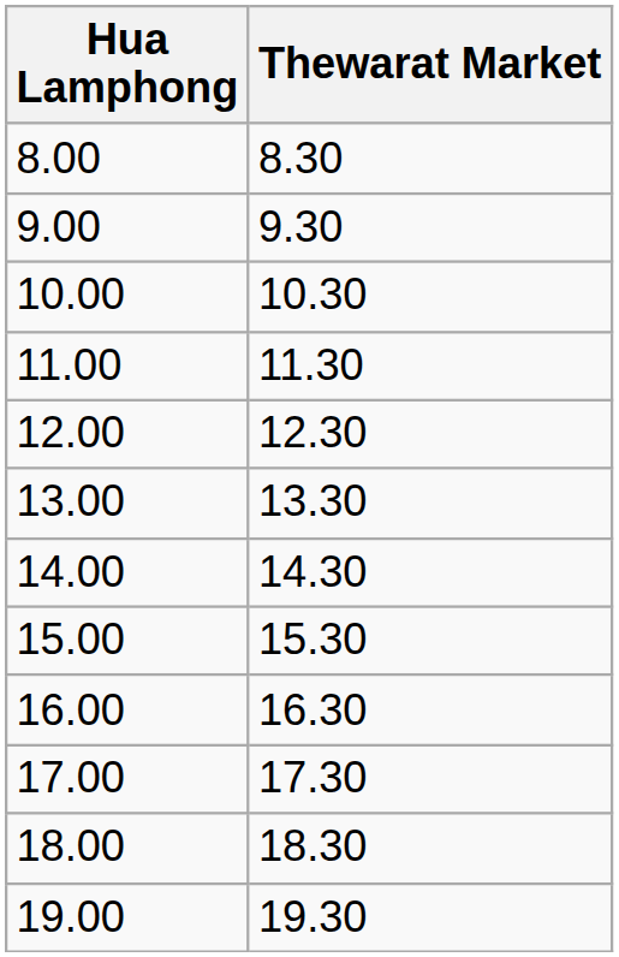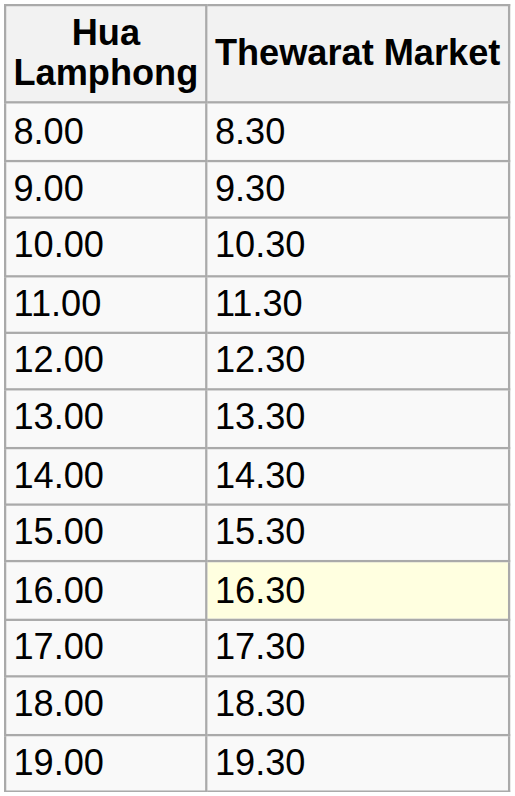 <table class="wikitable">
 <tr>
 <th>Hua<br>Lamphong</th>
 <th>Thewarat Market</th>
 </tr>
 <tr>
 <td>8.00</td>
 <td>8.30</td>
 </tr>
 <tr>
 <td>9.00</td>
 <td>9.30</td>
 </tr>
 <tr>
 <td>10.00</td>
 <td>10.30</td>
 </tr>
 <tr>
 <td>11.00</td>
 <td>11.30</td>
 </tr>
 <tr>
 <td>12.00</td>
 <td>12.30</td>
 </tr>
 <tr>
 <td>13.00</td>
 <td>13.30</td>
 </tr>
 <tr>
 <td>14.00</td>
 <td>14.30</td>
 </tr>
 <tr>
 <td>15.00</td>
 <td>15.30</td>
 </tr>
 <tr>
 <td>16.00</td>
-<td>16.30</td>
+<td style="background: lightyellow;">16.30</td>
 </tr>
 <tr>
 <td>17.00</td>
 <td>17.30</td>
 </tr>
 <tr>
 <td>18.00</td>
 <td>18.30</td>
 </tr>
 <tr>
 <td>19.00</td>
 <td>19.30</td>
 </tr>
 </table>
